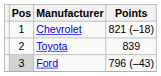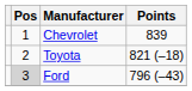 <table class="wikitable" style="font-size: 95%;">
 <tr>
 <th></th>
 <th>Pos</th>
 <th>Manufacturer</th>
 <th>Points</th>
 </tr>
 <tr>
 <td align="left"></td>
 <td style="text-align:center;">1</td>
 <td><a href='#'>Chevrolet</a></td>
-<td style="text-align:center;">821 (–18)</td>
+<td style="text-align:center;">839</td>
 </tr>
 <tr>
 <td align="left"></td>
 <td style="text-align:center;">2</td>
 <td><a href='#'>Toyota</a></td>
-<td style="text-align:center;">839</td>
+<td style="text-align:center;">821 (–18)</td>
 </tr>
 <tr>
 <td align="left"></td>
 <td style="background: lightgrey; text-align:center;">3</td>
 <td><a href='#'>Ford</a></td>
 <td style="text-align:center;">796 (–43)</td>
 </tr>
 <tr class="sortbottom">
 </tr>
 </table>
